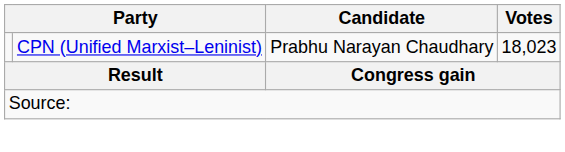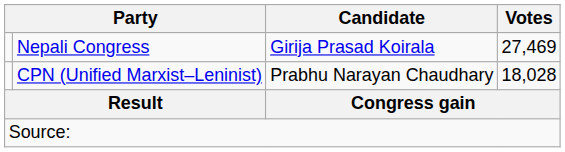 <table class="wikitable">
 <tr>
 <th colspan="2">Party</th>
 <th>Candidate</th>
 <th>Votes</th>
 </tr>
 <tr>
 <td style="background-color:"></td>
+<td><a href='#'>Nepali Congress</a></td>
+<td><a href='#'>Girija Prasad Koirala</a></td>
+<td>27,469</td>
+</tr>
+<tr>
+<td style="background-color:"></td>
 <td><a href='#'>CPN (Unified Marxist–Leninist)</a></td>
 <td>Prabhu Narayan Chaudhary</td>
-<td>18,023</td>
+<td>18,028</td>
 </tr>
 <tr>
 <th colspan="2">Result</th>
 <th colspan="2">Congress gain</th>
 </tr>
 <tr>
 <td colspan="4">Source: </td>
 </tr>
 </table>
